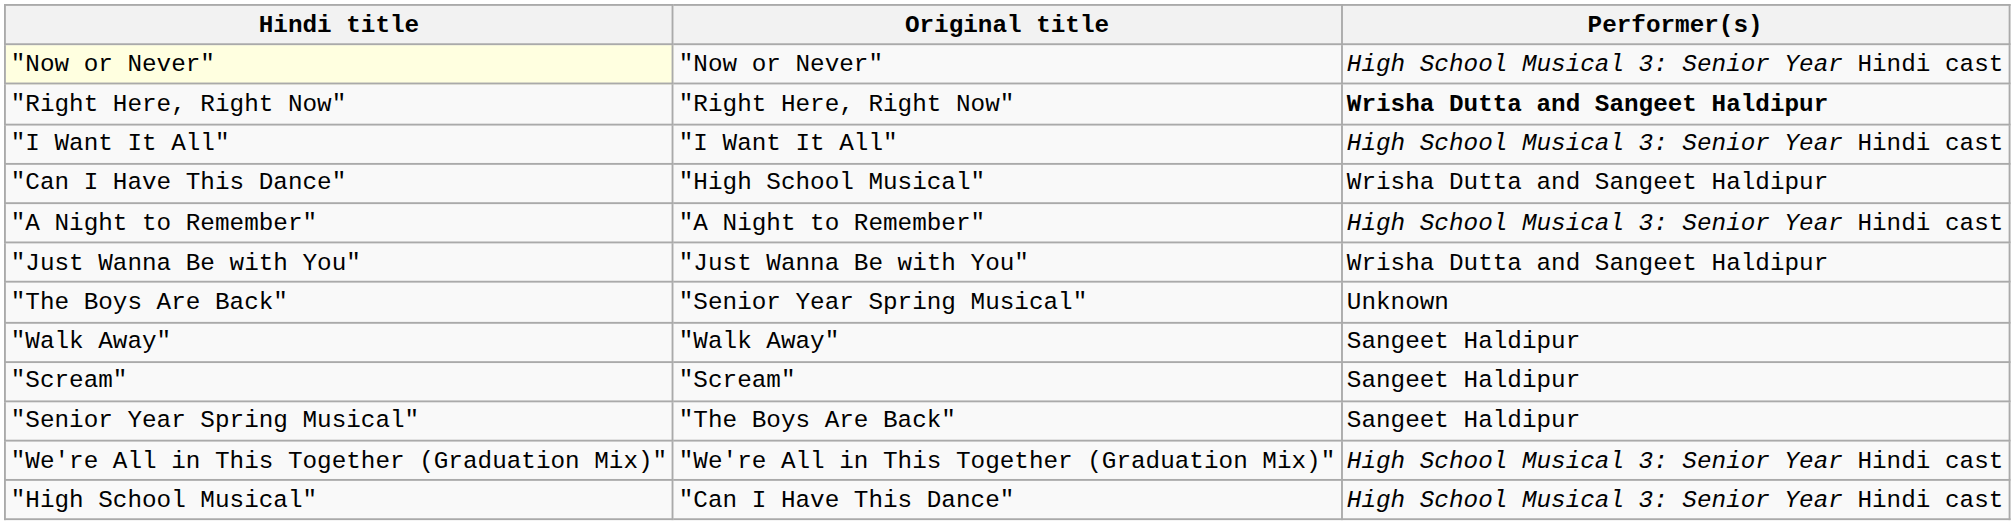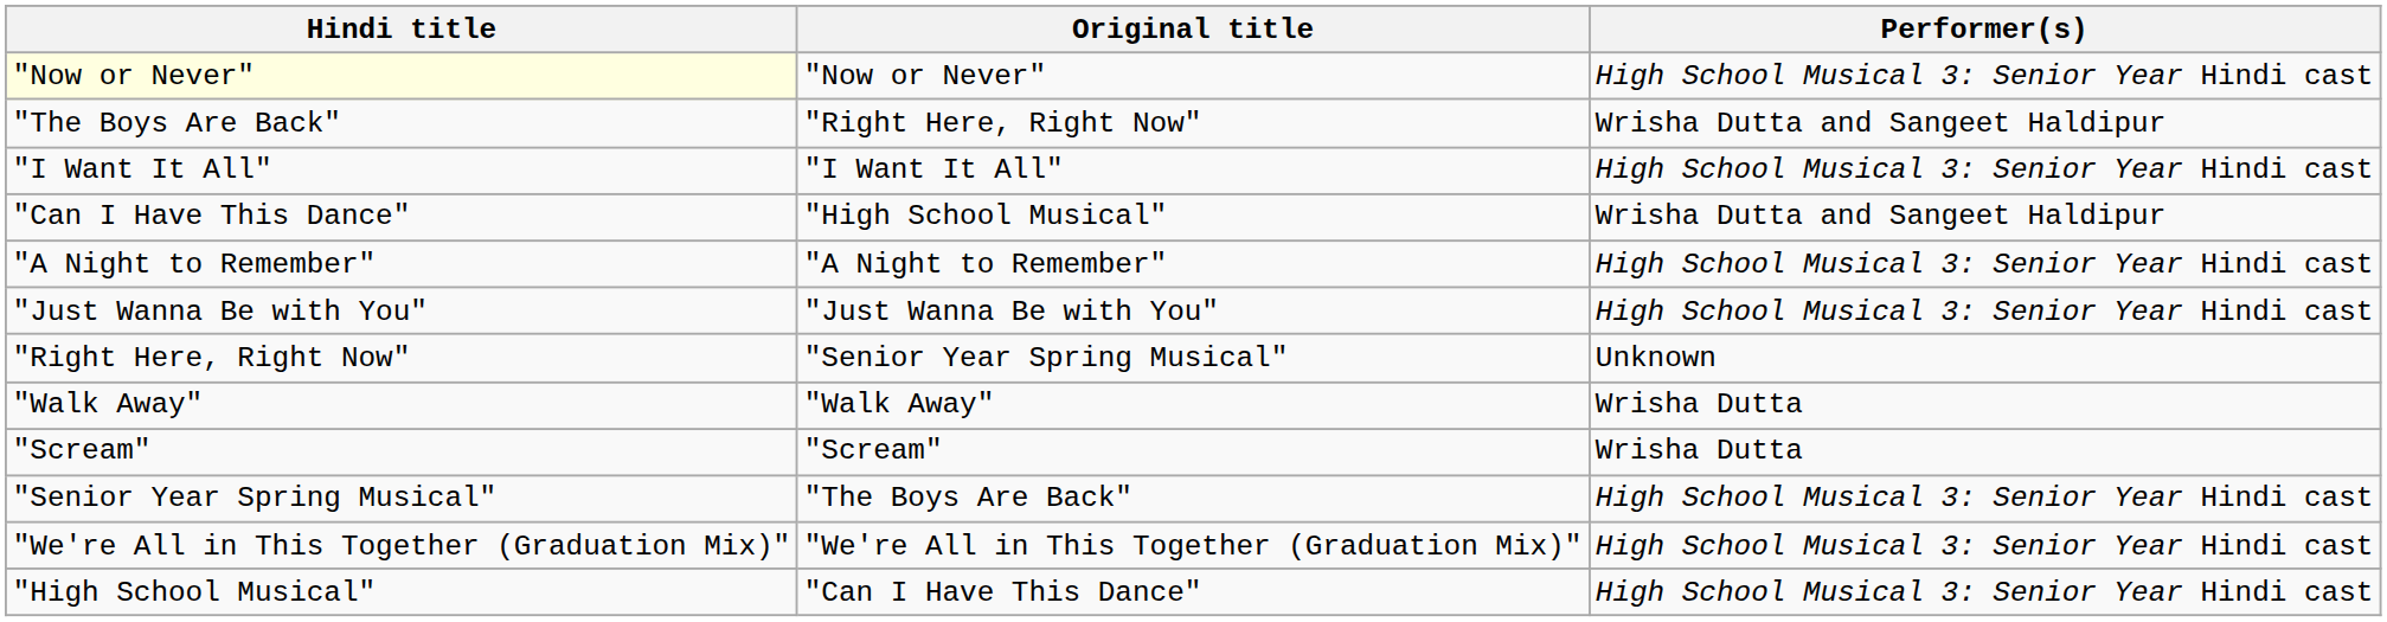 <table class="wikitable sortable">
 <tr>
 <th align="left">Hindi title</th>
 <th align="left">Original title</th>
 <th align="left">Performer(s)</th>
 </tr>
 <tr>
 <td align="left" style="background: lightyellow;">"Now or Never"</td>
 <td align="left">"Now or Never"</td>
 <td align="left"><em>High School Musical 3: Senior Year</em> Hindi cast</td>
 </tr>
 <tr>
+<td align="left">"The Boys Are Back"</td>
 <td align="left">"Right Here, Right Now"</td>
-<td align="left">"Right Here, Right Now"</td>
-<td align="left"><strong>Wrisha Dutta and Sangeet Haldipur</strong></td>
+<td align="left">Wrisha Dutta and Sangeet Haldipur</td>
 </tr>
 <tr>
 <td align="left">"I Want It All"</td>
 <td align="left">"I Want It All"</td>
 <td align="left"><em>High School Musical 3: Senior Year</em> Hindi cast</td>
 </tr>
 <tr>
 <td align="left">"Can I Have This Dance"</td>
 <td align="left">"High School Musical"</td>
 <td align="left">Wrisha Dutta and Sangeet Haldipur</td>
 </tr>
 <tr>
 <td align="left">"A Night to Remember"</td>
 <td align="left">"A Night to Remember"</td>
 <td align="left"><em>High School Musical 3: Senior Year</em> Hindi cast</td>
 </tr>
 <tr>
 <td align="left">"Just Wanna Be with You"</td>
 <td align="left">"Just Wanna Be with You"</td>
-<td align="left">Wrisha Dutta and Sangeet Haldipur</td>
+<td align="left"><em>High School Musical 3: Senior Year</em> Hindi cast</td>
 </tr>
 <tr>
-<td align="left">"The Boys Are Back"</td>
+<td align="left">"Right Here, Right Now"</td>
 <td align="left">"Senior Year Spring Musical"</td>
 <td align="left">Unknown</td>
 </tr>
 <tr>
 <td align="left">"Walk Away"</td>
 <td align="left">"Walk Away"</td>
-<td align="left">Sangeet Haldipur</td>
+<td align="left">Wrisha Dutta</td>
 </tr>
 <tr>
 <td align="left">"Scream"</td>
 <td align="left">"Scream"</td>
-<td align="left">Sangeet Haldipur</td>
+<td align="left">Wrisha Dutta</td>
 </tr>
 <tr>
 <td align="left">"Senior Year Spring Musical"</td>
 <td align="left">"The Boys Are Back"</td>
-<td align="left">Sangeet Haldipur</td>
+<td align="left"><em>High School Musical 3: Senior Year</em> Hindi cast</td>
 </tr>
 <tr>
 <td align="left">"We're All in This Together (Graduation Mix)"</td>
 <td align="left">"We're All in This Together (Graduation Mix)"</td>
 <td align="left"><em>High School Musical 3: Senior Year</em> Hindi cast</td>
 </tr>
 <tr>
 <td align="left">"High School Musical"</td>
 <td align="left">"Can I Have This Dance"</td>
 <td align="left"><em>High School Musical 3: Senior Year</em> Hindi cast</td>
 </tr>
 </table>
